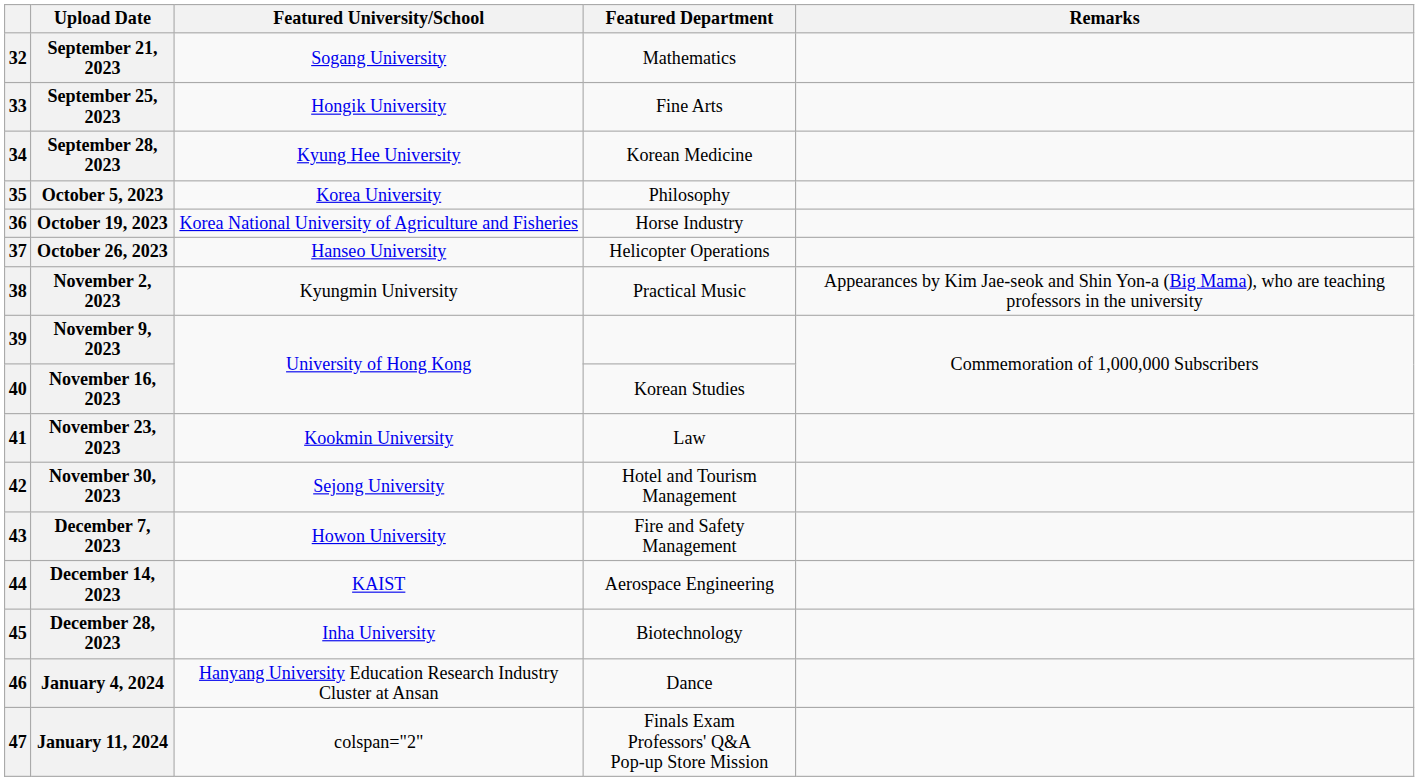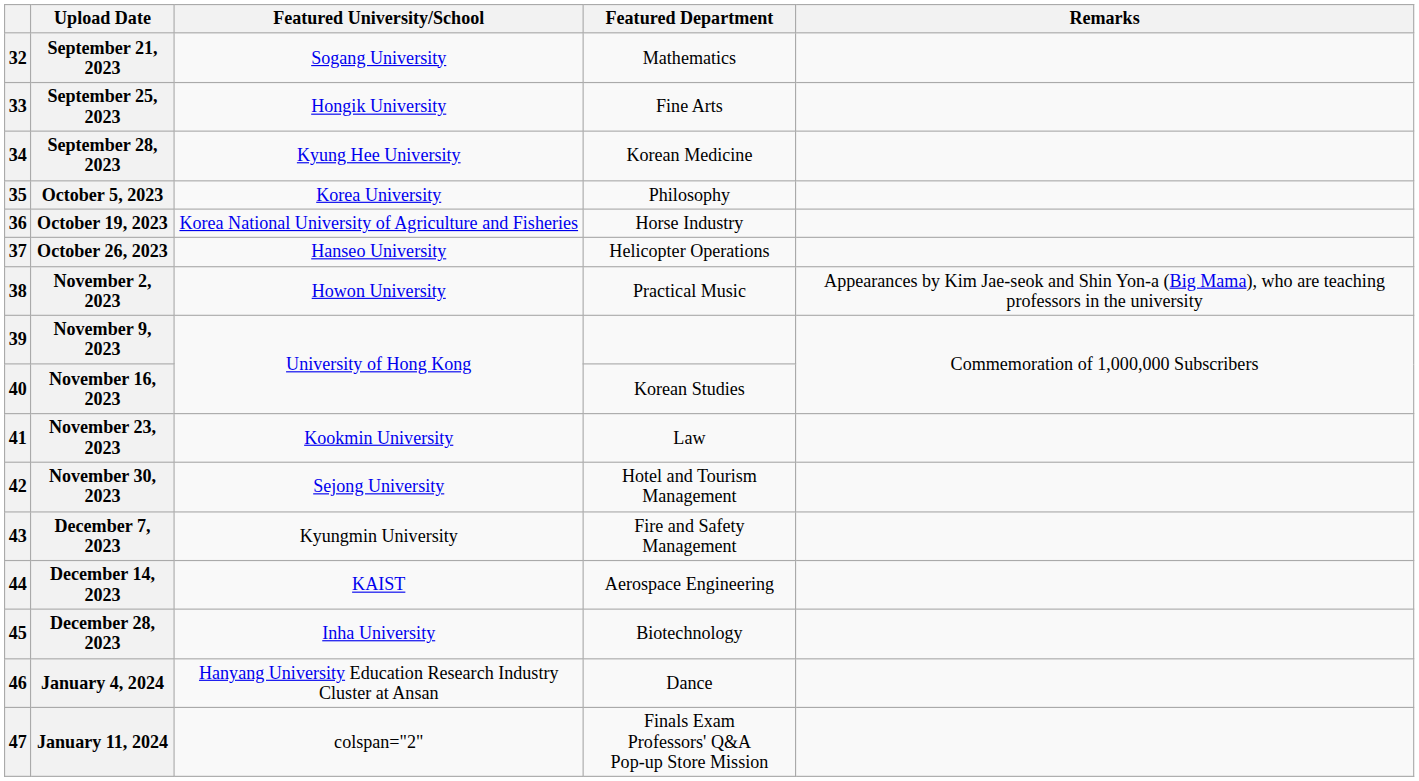 <table class="wikitable plainrowheaders" style="text-align:center">
 <tr>
 <th></th>
 <th>Upload Date</th>
 <th>Featured University/School</th>
 <th>Featured Department</th>
 <th>Remarks</th>
 </tr>
 <tr>
 <th>32</th>
 <th>September 21, 2023</th>
 <td><a href='#'>Sogang University</a></td>
 <td>Mathematics</td>
 <td></td>
 </tr>
 <tr>
 <th>33</th>
 <th>September 25, 2023</th>
 <td><a href='#'>Hongik University</a></td>
 <td>Fine Arts</td>
 <td></td>
 </tr>
 <tr>
 <th>34</th>
 <th>September 28, 2023</th>
 <td><a href='#'>Kyung Hee University</a></td>
 <td>Korean Medicine</td>
 <td></td>
 </tr>
 <tr>
 <th>35</th>
 <th>October 5, 2023</th>
 <td><a href='#'>Korea University</a></td>
 <td>Philosophy</td>
 <td></td>
 </tr>
 <tr>
 <th>36</th>
 <th>October 19, 2023</th>
 <td><a href='#'>Korea National University of Agriculture and Fisheries</a></td>
 <td>Horse Industry</td>
 <td></td>
 </tr>
 <tr>
 <th>37</th>
 <th>October 26, 2023</th>
 <td><a href='#'>Hanseo University</a></td>
 <td>Helicopter Operations</td>
 <td></td>
 </tr>
 <tr>
 <th>38</th>
 <th>November 2, 2023</th>
-<td>Kyungmin University</td>
+<td><a href='#'>Howon University</a></td>
 <td>Practical Music</td>
 <td>Appearances by Kim Jae-seok and Shin Yon-a (<a href='#'>Big Mama</a>), who are teaching professors in the university</td>
 </tr>
 <tr>
 <th>39</th>
 <th>November 9, 2023</th>
 <td rowspan="2"><a href='#'>University of Hong Kong</a></td>
 <td></td>
 <td rowspan="2">Commemoration of 1,000,000 Subscribers</td>
 </tr>
 <tr>
 <th>40</th>
 <th>November 16, 2023</th>
 <td>Korean Studies</td>
 </tr>
 <tr>
 <th>41</th>
 <th>November 23, 2023</th>
 <td><a href='#'>Kookmin University</a></td>
 <td>Law</td>
 <td></td>
 </tr>
 <tr>
 <th>42</th>
 <th>November 30, 2023</th>
 <td><a href='#'>Sejong University</a></td>
 <td>Hotel and Tourism Management</td>
 <td></td>
 </tr>
 <tr>
 <th>43</th>
 <th>December 7, 2023</th>
-<td><a href='#'>Howon University</a></td>
+<td>Kyungmin University</td>
 <td>Fire and Safety Management</td>
 <td></td>
 </tr>
 <tr>
 <th>44</th>
 <th>December 14, 2023</th>
 <td><a href='#'>KAIST</a></td>
 <td>Aerospace Engineering</td>
 <td></td>
 </tr>
 <tr>
 <th>45</th>
 <th>December 28, 2023</th>
 <td><a href='#'>Inha University</a></td>
 <td>Biotechnology</td>
 <td></td>
 </tr>
 <tr>
 <th>46</th>
 <th>January 4, 2024</th>
 <td><a href='#'>Hanyang University</a> Education Research Industry Cluster at Ansan</td>
 <td>Dance</td>
 <td></td>
 </tr>
 <tr>
 <th>47</th>
 <th>January 11, 2024</th>
 <td>colspan="2" </td>
 <td>Finals Exam<br>Professors' Q&A<br>Pop-up Store Mission</td>
 </tr>
 </table>
